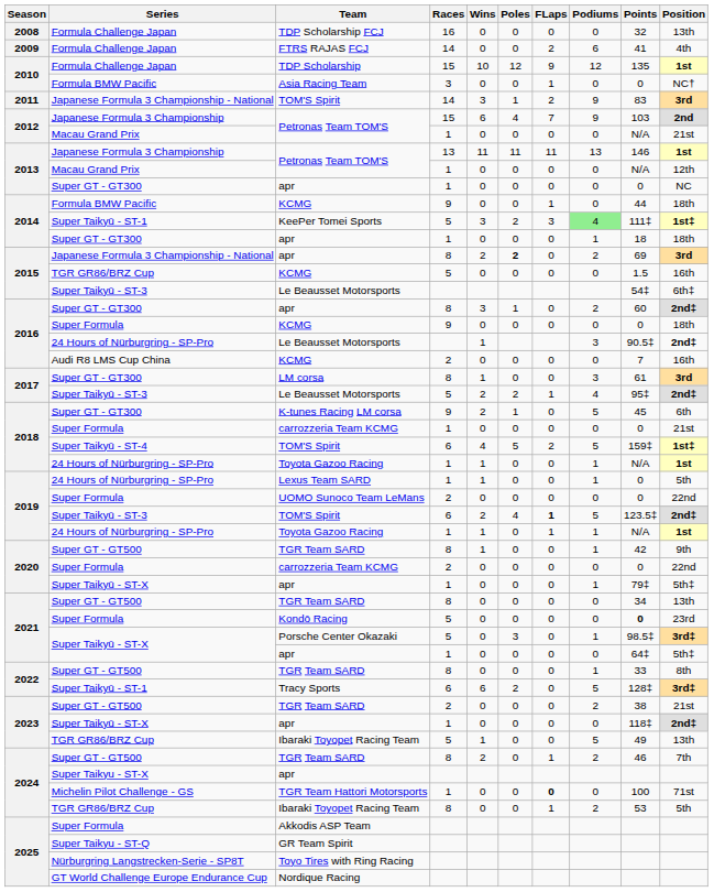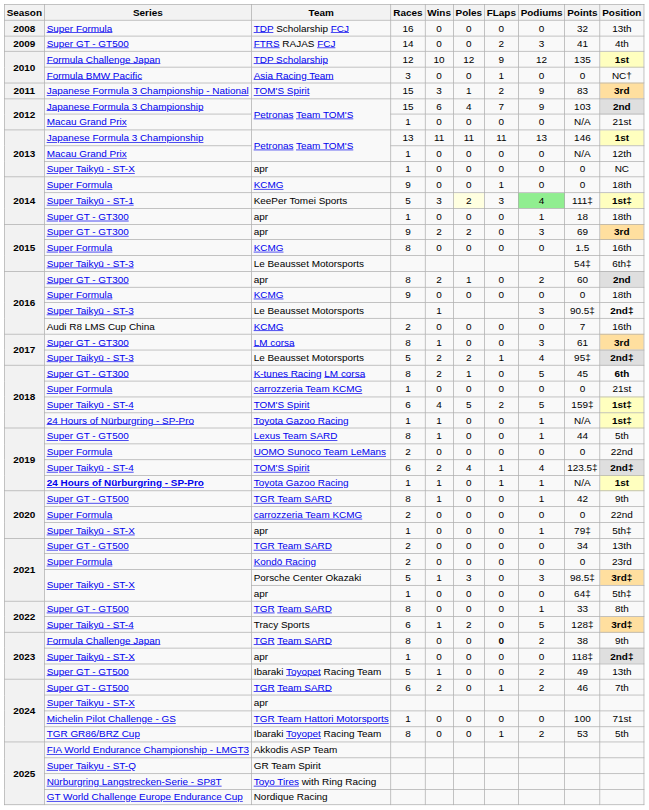 <table class="wikitable" style="font-size: 90%; text-align:center">
 <tr>
 <th>Season</th>
 <th>Series</th>
 <th>Team</th>
 <th>Races</th>
 <th>Wins</th>
 <th>Poles</th>
 <th>FLaps</th>
 <th>Podiums</th>
 <th>Points</th>
 <th>Position</th>
 </tr>
 <tr>
 <th>2008</th>
-<td align=left><a href='#'>Formula Challenge Japan</a></td>
+<td align="left"><a href='#'>Super Formula</a></td>
 <td align=left><a href='#'>TDP</a> Scholarship <a href='#'>FCJ</a></td>
 <td>16</td>
 <td>0</td>
 <td>0</td>
 <td>0</td>
 <td>0</td>
 <td>32</td>
 <td>13th</td>
 </tr>
 <tr>
 <th>2009</th>
-<td align=left><a href='#'>Formula Challenge Japan</a></td>
+<td align=left><a href='#'>Super GT - GT500</a></td>
 <td align=left><a href='#'>FTRS</a> RAJAS <a href='#'>FCJ</a></td>
 <td>14</td>
 <td>0</td>
 <td>0</td>
 <td>2</td>
-<td>6</td>
+<td>3</td>
 <td>41</td>
 <td>4th</td>
 </tr>
 <tr>
 <th rowspan=2>2010</th>
 <td align=left><a href='#'>Formula Challenge Japan</a></td>
 <td align=left><a href='#'>TDP Scholarship</a></td>
-<td>15</td>
+<td>12</td>
 <td>10</td>
 <td>12</td>
 <td>9</td>
 <td>12</td>
 <td>135</td>
 <td style="background:#FFFFBF;"><strong>1st</strong></td>
 </tr>
 <tr>
 <td align=left><a href='#'>Formula BMW Pacific</a></td>
 <td align=left><a href='#'>Asia Racing Team</a></td>
 <td>3</td>
 <td>0</td>
 <td>0</td>
 <td>1</td>
 <td>0</td>
 <td>0</td>
 <td>NC†</td>
 </tr>
 <tr>
 <th>2011</th>
 <td align=left><a href='#'>Japanese Formula 3 Championship - National</a></td>
 <td align=left><a href='#'>TOM'S Spirit</a></td>
-<td>14</td>
+<td>15</td>
 <td>3</td>
 <td>1</td>
 <td>2</td>
 <td>9</td>
 <td>83</td>
 <td style="background:#FFDF9F;"><strong>3rd</strong></td>
 </tr>
 <tr>
 <th rowspan=2>2012</th>
 <td align=left><a href='#'>Japanese Formula 3 Championship</a></td>
 <td align=left rowspan=2><a href='#'>Petronas</a> <a href='#'>Team TOM'S</a></td>
 <td>15</td>
 <td>6</td>
 <td>4</td>
 <td>7</td>
 <td>9</td>
 <td>103</td>
 <td style="background:#DFDFDF;"><strong>2nd</strong></td>
 </tr>
 <tr>
 <td align=left><a href='#'>Macau Grand Prix</a></td>
 <td>1</td>
 <td>0</td>
 <td>0</td>
 <td>0</td>
 <td>0</td>
 <td>N/A</td>
 <td>21st</td>
 </tr>
 <tr>
 <th rowspan=3>2013</th>
 <td align=left><a href='#'>Japanese Formula 3 Championship</a></td>
 <td align=left rowspan=2><a href='#'>Petronas</a> <a href='#'>Team TOM'S</a></td>
 <td>13</td>
 <td>11</td>
 <td>11</td>
 <td>11</td>
 <td>13</td>
 <td>146</td>
 <td style="background:#FFFFBF;"><strong>1st</strong></td>
 </tr>
 <tr>
 <td align=left><a href='#'>Macau Grand Prix</a></td>
 <td>1</td>
 <td>0</td>
 <td>0</td>
 <td>0</td>
 <td>0</td>
 <td>N/A</td>
 <td>12th</td>
 </tr>
 <tr>
-<td align=left><a href='#'>Super GT - GT300</a></td>
+<td align=left><a href='#'>Super Taikyū - ST-X</a></td>
 <td align=left>apr</td>
 <td>1</td>
 <td>0</td>
 <td>0</td>
 <td>0</td>
 <td>0</td>
 <td>0</td>
 <td>NC</td>
 </tr>
 <tr>
 <th rowspan="3">2014</th>
-<td align=left><a href='#'>Formula BMW Pacific</a></td>
+<td align=left><a href='#'>Super Formula</a></td>
 <td align=left><a href='#'>KCMG</a></td>
 <td>9</td>
 <td>0</td>
 <td>0</td>
 <td>1</td>
 <td>0</td>
-<td>44</td>
+<td>0</td>
 <td>18th</td>
 </tr>
 <tr>
 <td align="left"><a href='#'>Super Taikyū - ST-1</a></td>
 <td align="left">KeePer Tomei Sports</td>
 <td>5</td>
 <td>3</td>
-<td>2</td>
+<td style="background: lightyellow;">2</td>
 <td>3</td>
 <td style="background: lightgreen;">4</td>
 <td>111‡</td>
 <td style="background:#FFFFBF;"><strong>1st‡</strong></td>
 </tr>
 <tr>
 <td align=left><a href='#'>Super GT - GT300</a></td>
 <td align=left>apr</td>
 <td>1</td>
 <td>0</td>
 <td>0</td>
 <td>0</td>
 <td>1</td>
 <td>18</td>
 <td>18th</td>
 </tr>
 <tr>
 <th rowspan="3">2015</th>
-<td align=left><a href='#'>Japanese Formula 3 Championship - National</a></td>
+<td align="left"><a href='#'>Super GT - GT300</a></td>
 <td align="left">apr</td>
-<td>8</td>
+<td>9</td>
 <td>2</td>
-<td><strong>2</strong></td>
+<td>2</td>
 <td>0</td>
-<td>2</td>
+<td>3</td>
 <td>69</td>
 <td style="background:#FFDF9F;"><strong>3rd</strong></td>
 </tr>
 <tr>
-<td align=left><a href='#'>TGR GR86/BRZ Cup</a></td>
+<td align="left"><a href='#'>Super Formula</a></td>
 <td align="left"><a href='#'>KCMG</a></td>
-<td>5</td>
+<td>8</td>
 <td>0</td>
 <td>0</td>
 <td>0</td>
 <td>0</td>
 <td>1.5</td>
 <td>16th</td>
 </tr>
 <tr>
 <td align=left><a href='#'>Super Taikyū - ST-3</a></td>
 <td align=left>Le Beausset Motorsports</td>
 <td></td>
 <td></td>
 <td></td>
 <td></td>
 <td></td>
 <td>54‡</td>
 <td>6th‡</td>
 </tr>
 <tr>
 <th rowspan="4">2016</th>
 <td align="left"><a href='#'>Super GT - GT300</a></td>
 <td align="left">apr</td>
 <td>8</td>
-<td>3</td>
+<td>2</td>
 <td>1</td>
 <td>0</td>
 <td>2</td>
 <td>60</td>
-<td style="background:#DFDFDF;"><strong>2nd‡</strong></td>
+<td style="background:#DFDFDF;"><strong>2nd</strong></td>
 </tr>
 <tr>
 <td align="left"><a href='#'>Super Formula</a></td>
 <td align="left"><a href='#'>KCMG</a></td>
 <td>9</td>
 <td>0</td>
 <td>0</td>
 <td>0</td>
 <td>0</td>
 <td>0</td>
 <td>18th</td>
 </tr>
 <tr>
-<td align=left><a href='#'>24 Hours of Nürburgring - SP-Pro</a></td>
+<td align="left"><a href='#'>Super Taikyū - ST-3</a></td>
 <td align="left">Le Beausset Motorsports</td>
 <td></td>
 <td>1</td>
 <td></td>
 <td></td>
 <td>3</td>
 <td>90.5‡</td>
 <td><strong>2nd‡</strong></td>
 </tr>
 <tr>
 <td align="left">Audi R8 LMS Cup China</td>
 <td align="left"><a href='#'>KCMG</a></td>
 <td>2</td>
 <td>0</td>
 <td>0</td>
 <td>0</td>
 <td>0</td>
 <td>7</td>
 <td>16th</td>
 </tr>
 <tr>
 <th rowspan="2">2017</th>
 <td align="left"><a href='#'>Super GT - GT300</a></td>
 <td align="left"><a href='#'>LM corsa</a></td>
 <td>8</td>
 <td>1</td>
 <td>0</td>
 <td>0</td>
 <td>3</td>
 <td>61</td>
 <td style="background:#FFDF9F;"><strong>3rd</strong></td>
 </tr>
 <tr>
 <td align="left"><a href='#'>Super Taikyū - ST-3</a></td>
 <td align="left">Le Beausset Motorsports</td>
 <td>5</td>
 <td>2</td>
 <td>2</td>
 <td>1</td>
 <td>4</td>
 <td>95‡</td>
 <td style="background:#DFDFDF;"><strong>2nd‡</strong></td>
 </tr>
 <tr>
 <th rowspan="4">2018</th>
 <td align="left"><a href='#'>Super GT - GT300</a></td>
 <td align="left"><a href='#'>K-tunes Racing</a> <a href='#'>LM corsa</a></td>
-<td>9</td>
+<td>8</td>
 <td>2</td>
 <td>1</td>
 <td>0</td>
 <td>5</td>
 <td>45</td>
-<td>6th</td>
+<td><strong>6th</strong></td>
 </tr>
 <tr>
 <td align=left><a href='#'>Super Formula</a></td>
 <td align=left><a href='#'>carrozzeria Team KCMG</a></td>
 <td>1</td>
 <td>0</td>
 <td>0</td>
 <td>0</td>
 <td>0</td>
 <td>0</td>
 <td>21st</td>
 </tr>
 <tr>
 <td align=left><a href='#'>Super Taikyū - ST-4</a></td>
 <td align=left><a href='#'>TOM'S Spirit</a></td>
 <td>6</td>
 <td>4</td>
 <td>5</td>
 <td>2</td>
 <td>5</td>
 <td>159‡</td>
 <td style="background:#FFFFBF;"><strong>1st‡</strong></td>
 </tr>
 <tr>
 <td align=left><a href='#'>24 Hours of Nürburgring - SP-Pro</a></td>
 <td align=left><a href='#'>Toyota Gazoo Racing</a></td>
 <td>1</td>
 <td>1</td>
 <td>0</td>
 <td>0</td>
 <td>1</td>
 <td>N/A</td>
-<td style="background:#FFFFBF;"><strong>1st</strong></td>
+<td style="background:#FFFFBF;"><strong>1st‡</strong></td>
 </tr>
 <tr>
 <th rowspan="4">2019</th>
-<td align=left><a href='#'>24 Hours of Nürburgring - SP-Pro</a></td>
+<td align="left"><a href='#'>Super GT - GT500</a></td>
 <td align="left"><a href='#'>Lexus Team SARD</a></td>
-<td>1</td>
+<td>8</td>
 <td>1</td>
 <td>0</td>
 <td>0</td>
 <td>1</td>
-<td>0</td>
+<td>44</td>
 <td>5th</td>
 </tr>
 <tr>
 <td align=left><a href='#'>Super Formula</a></td>
 <td align=left><a href='#'>UOMO Sunoco Team LeMans</a></td>
 <td>2</td>
 <td>0</td>
 <td>0</td>
 <td>0</td>
 <td>0</td>
 <td>0</td>
 <td>22nd</td>
 </tr>
 <tr>
-<td align=left><a href='#'>Super Taikyū - ST-3</a></td>
+<td align=left><a href='#'>Super Taikyū - ST-4</a></td>
 <td align=left><a href='#'>TOM'S Spirit</a></td>
 <td>6</td>
 <td>2</td>
 <td>4</td>
-<td><strong>1</strong></td>
-<td>5</td>
+<td>1</td>
+<td>4</td>
 <td>123.5‡</td>
 <td style="background:#DFDFDF"><strong>2nd‡</strong></td>
 </tr>
 <tr>
-<td align=left><a href='#'>24 Hours of Nürburgring - SP-Pro</a></td>
+<td align=left><strong><a href='#'>24 Hours of Nürburgring - SP-Pro</a></strong></td>
 <td align=left><a href='#'>Toyota Gazoo Racing</a></td>
 <td>1</td>
 <td>1</td>
 <td>0</td>
 <td>1</td>
 <td>1</td>
 <td>N/A</td>
 <td style="background:#FFFFBF;"><strong>1st</strong></td>
 </tr>
 <tr>
 <th rowspan="3">2020</th>
 <td align=left><a href='#'>Super GT - GT500</a></td>
 <td align=left><a href='#'>TGR Team SARD</a></td>
 <td>8</td>
 <td>1</td>
 <td>0</td>
 <td>0</td>
 <td>1</td>
 <td>42</td>
 <td>9th</td>
 </tr>
 <tr>
 <td align=left><a href='#'>Super Formula</a></td>
 <td align=left><a href='#'>carrozzeria Team KCMG</a></td>
 <td>2</td>
 <td>0</td>
 <td>0</td>
 <td>0</td>
 <td>0</td>
 <td>0</td>
 <td>22nd</td>
 </tr>
 <tr>
 <td align=left><a href='#'>Super Taikyū - ST-X</a></td>
 <td align=left>apr</td>
 <td>1</td>
 <td>0</td>
 <td>0</td>
 <td>0</td>
 <td>1</td>
 <td>79‡</td>
 <td>5th‡</td>
 </tr>
 <tr>
 <th rowspan="4">2021</th>
 <td align=left><a href='#'>Super GT - GT500</a></td>
 <td align=left><a href='#'>TGR Team SARD</a></td>
-<td>8</td>
+<td>2</td>
 <td>0</td>
 <td>0</td>
 <td>0</td>
 <td>0</td>
 <td>34</td>
 <td>13th</td>
 </tr>
 <tr>
 <td align=left><a href='#'>Super Formula</a></td>
 <td align=left><a href='#'>Kondō Racing</a></td>
-<td>5</td>
+<td>2</td>
 <td>0</td>
 <td>0</td>
 <td>0</td>
 <td>0</td>
-<td><strong>0</strong></td>
+<td>0</td>
 <td>23rd</td>
 </tr>
 <tr>
 <td rowspan="2" align=left><a href='#'>Super Taikyū - ST-X</a></td>
 <td align=left>Porsche Center Okazaki</td>
 <td>5</td>
+<td>1</td>
+<td>3</td>
 <td>0</td>
 <td>3</td>
-<td>0</td>
-<td>1</td>
 <td>98.5‡</td>
 <td style="background:#FFDF9F;"><strong>3rd‡</strong></td>
 </tr>
 <tr>
 <td align=left>apr</td>
 <td>1</td>
 <td>0</td>
 <td>0</td>
 <td>0</td>
 <td>0</td>
 <td>64‡</td>
 <td>5th‡</td>
 </tr>
 <tr>
 <th rowspan="2">2022</th>
 <td align=left><a href='#'>Super GT - GT500</a></td>
 <td align=left><a href='#'>TGR</a> <a href='#'>Team SARD</a></td>
 <td>8</td>
 <td>0</td>
 <td>0</td>
 <td>0</td>
 <td>1</td>
 <td>33</td>
 <td>8th</td>
 </tr>
 <tr>
-<td align=left><a href='#'>Super Taikyū - ST-1</a></td>
+<td align=left><a href='#'>Super Taikyū - ST-4</a></td>
 <td align=left>Tracy Sports</td>
 <td>6</td>
-<td>6</td>
+<td>1</td>
 <td>2</td>
 <td>0</td>
 <td>5</td>
 <td>128‡</td>
 <td style="background:#FFDF9F;"><strong>3rd‡</strong></td>
 </tr>
 <tr>
 <th rowspan="3">2023</th>
-<td align=left><a href='#'>Super GT - GT500</a></td>
+<td align=left><a href='#'>Formula Challenge Japan</a></td>
 <td align=left><a href='#'>TGR</a> <a href='#'>Team SARD</a></td>
-<td>2</td>
+<td>8</td>
 <td>0</td>
 <td>0</td>
-<td>0</td>
+<td><strong>0</strong></td>
 <td>2</td>
 <td>38</td>
-<td>21st</td>
+<td>9th</td>
 </tr>
 <tr>
 <td align=left><a href='#'>Super Taikyū - ST-X</a></td>
 <td align=left>apr</td>
 <td>1</td>
 <td>0</td>
 <td>0</td>
 <td>0</td>
 <td>0</td>
 <td>118‡</td>
 <td style="background:#DFDFDF;"><strong>2nd‡</strong></td>
 </tr>
 <tr>
-<td align=left><a href='#'>TGR GR86/BRZ Cup</a></td>
+<td align=left><a href='#'>Super GT - GT500</a></td>
 <td align=left>Ibaraki <a href='#'>Toyopet</a> Racing Team</td>
 <td>5</td>
 <td>1</td>
 <td>0</td>
 <td>0</td>
-<td>5</td>
+<td>2</td>
 <td>49</td>
 <td>13th</td>
 </tr>
 <tr>
 <th rowspan="4">2024</th>
 <td align="left"><a href='#'>Super GT - GT500</a></td>
 <td align="left"><a href='#'>TGR</a> <a href='#'>Team SARD</a></td>
-<td>8</td>
+<td>6</td>
 <td>2</td>
 <td>0</td>
 <td>1</td>
 <td>2</td>
 <td>46</td>
 <td>7th</td>
 </tr>
 <tr>
 <td align=left><a href='#'>Super Taikyu - ST-X</a></td>
 <td align=left>apr</td>
 <td></td>
 <td></td>
 <td></td>
 <td></td>
 <td></td>
 <td></td>
 <td></td>
 </tr>
 <tr>
 <td align=left><a href='#'>Michelin Pilot Challenge - GS</a></td>
 <td align=left><a href='#'>TGR Team Hattori Motorsports</a></td>
 <td>1</td>
 <td>0</td>
 <td>0</td>
-<td><strong>0</strong></td>
+<td>0</td>
 <td>0</td>
 <td>100</td>
 <td>71st</td>
 </tr>
 <tr>
 <td align=left><a href='#'>TGR GR86/BRZ Cup</a></td>
 <td align=left>Ibaraki <a href='#'>Toyopet</a> Racing Team</td>
 <td>8</td>
 <td>0</td>
 <td>0</td>
 <td>1</td>
 <td>2</td>
 <td>53</td>
 <td>5th</td>
 </tr>
 <tr>
 <th rowspan="4">2025</th>
-<td align=left><a href='#'>Super Formula</a></td>
+<td align=left><a href='#'>FIA World Endurance Championship - LMGT3</a></td>
 <td align=left>Akkodis ASP Team</td>
 <td></td>
 <td></td>
 <td></td>
 <td></td>
 <td></td>
 <td></td>
 <td></td>
 </tr>
 <tr>
 <td align=left><a href='#'>Super Taikyu - ST-Q</a></td>
 <td align=left>GR Team Spirit</td>
 <td></td>
 <td></td>
 <td></td>
 <td></td>
 <td></td>
 <td></td>
 <td></td>
 </tr>
 <tr>
 <td align=left><a href='#'>Nürburgring Langstrecken-Serie - SP8T</a></td>
 <td align=left><a href='#'>Toyo Tires</a> with Ring Racing</td>
 <td></td>
 <td></td>
 <td></td>
 <td></td>
 <td></td>
 <td></td>
 <td></td>
 </tr>
 <tr>
 <td align=left><a href='#'>GT World Challenge Europe Endurance Cup</a></td>
 <td align=left>Nordique Racing</td>
 <td></td>
 <td></td>
 <td></td>
 <td></td>
 <td></td>
 <td></td>
 <td></td>
 </tr>
 </table>
